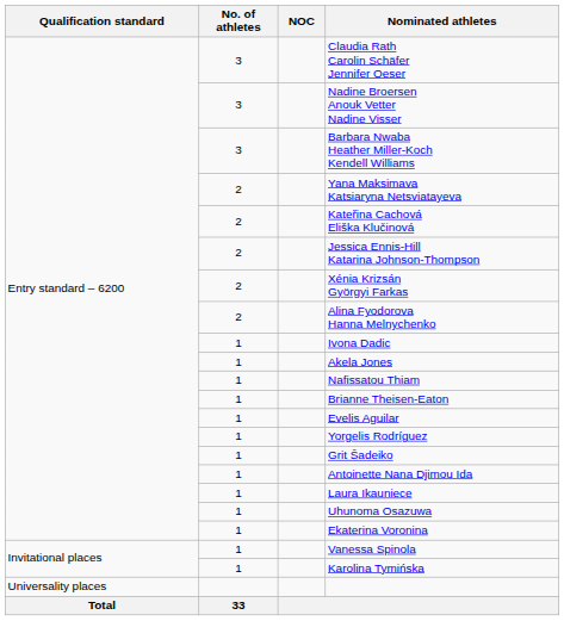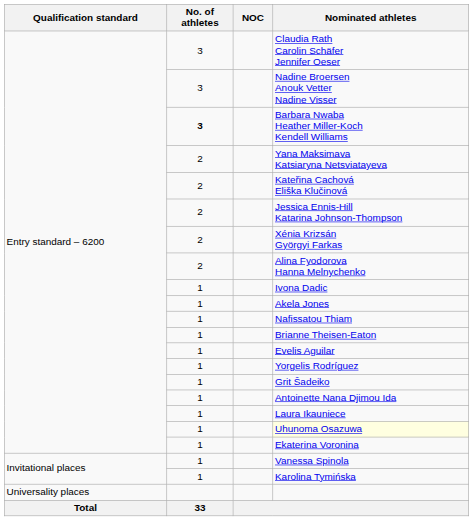 <table class="wikitable"  style="text-align:left; width:750px;">
 <tr>
 <th>Qualification standard</th>
 <th width=100>No. of athletes</th>
 <th>NOC</th>
 <th>Nominated athletes</th>
 </tr>
 <tr>
 <td rowspan=19>Entry standard – 6200</td>
 <td style="text-align:center;">3</td>
 <td></td>
 <td><a href='#'>Claudia Rath</a><br><a href='#'>Carolin Schäfer</a><br><a href='#'>Jennifer Oeser</a></td>
 </tr>
 <tr>
 <td style="text-align:center;">3</td>
 <td></td>
 <td><a href='#'>Nadine Broersen</a><br><a href='#'>Anouk Vetter</a><br><a href='#'>Nadine Visser</a></td>
 </tr>
 <tr>
-<td style="text-align:center;">3</td>
+<td style="text-align:center;"><strong>3</strong></td>
 <td></td>
 <td><a href='#'>Barbara Nwaba</a><br><a href='#'>Heather Miller-Koch</a><br><a href='#'>Kendell Williams</a></td>
 </tr>
 <tr>
 <td style="text-align:center;">2</td>
 <td></td>
 <td><a href='#'>Yana Maksimava</a><br><a href='#'>Katsiaryna Netsviatayeva</a></td>
 </tr>
 <tr>
 <td style="text-align:center;">2</td>
 <td></td>
 <td><a href='#'>Kateřina Cachová</a><br><a href='#'>Eliška Klučinová</a></td>
 </tr>
 <tr>
 <td style="text-align:center;">2</td>
 <td></td>
 <td><a href='#'>Jessica Ennis-Hill</a><br><a href='#'>Katarina Johnson-Thompson</a></td>
 </tr>
 <tr>
 <td style="text-align:center;">2</td>
 <td></td>
 <td><a href='#'>Xénia Krizsán</a><br><a href='#'>Györgyi Farkas</a></td>
 </tr>
 <tr>
 <td style="text-align:center;">2</td>
 <td></td>
 <td><a href='#'>Alina Fyodorova</a><br><a href='#'>Hanna Melnychenko</a></td>
 </tr>
 <tr>
 <td style="text-align:center;">1</td>
 <td></td>
 <td><a href='#'>Ivona Dadic</a></td>
 </tr>
 <tr>
 <td style="text-align:center;">1</td>
 <td></td>
 <td><a href='#'>Akela Jones</a></td>
 </tr>
 <tr>
 <td style="text-align:center;">1</td>
 <td></td>
 <td><a href='#'>Nafissatou Thiam</a></td>
 </tr>
 <tr>
 <td style="text-align:center;">1</td>
 <td></td>
 <td><a href='#'>Brianne Theisen-Eaton</a></td>
 </tr>
 <tr>
 <td style="text-align:center;">1</td>
 <td></td>
 <td><a href='#'>Evelis Aguilar</a></td>
 </tr>
 <tr>
 <td style="text-align:center;">1</td>
 <td></td>
 <td><a href='#'>Yorgelis Rodríguez</a></td>
 </tr>
 <tr>
 <td style="text-align:center;">1</td>
 <td></td>
 <td><a href='#'>Grit Šadeiko</a></td>
 </tr>
 <tr>
 <td style="text-align:center;">1</td>
 <td></td>
 <td><a href='#'>Antoinette Nana Djimou Ida</a></td>
 </tr>
 <tr>
 <td style="text-align:center;">1</td>
 <td></td>
 <td><a href='#'>Laura Ikauniece</a></td>
 </tr>
 <tr>
 <td style="text-align:center;">1</td>
 <td></td>
-<td><a href='#'>Uhunoma Osazuwa</a></td>
+<td style="background: lightyellow;"><a href='#'>Uhunoma Osazuwa</a></td>
 </tr>
 <tr>
 <td style="text-align:center;">1</td>
 <td></td>
 <td><a href='#'>Ekaterina Voronina</a></td>
 </tr>
 <tr>
 <td rowspan=2>Invitational places</td>
 <td style="text-align:center;">1</td>
 <td></td>
 <td><a href='#'>Vanessa Spinola</a></td>
 </tr>
 <tr>
 <td style="text-align:center;">1</td>
 <td></td>
 <td><a href='#'>Karolina Tymińska</a></td>
 </tr>
 <tr>
 <td>Universality places</td>
 <td></td>
 <td></td>
 <td></td>
 </tr>
 <tr>
 <th>Total</th>
 <th>33</th>
 <th colspan=2></th>
 </tr>
 </table>
